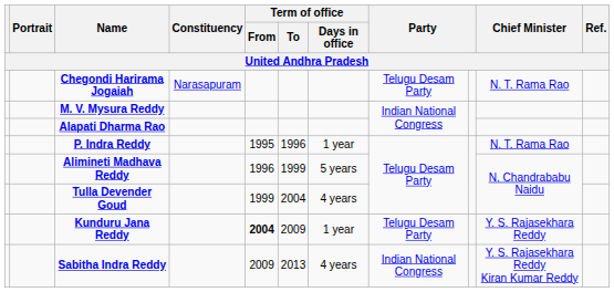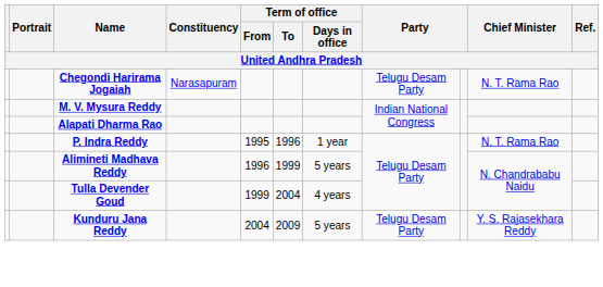 <table class="wikitable sortable" style="text-align:center" |>
 <tr>
 <th rowspan="2" scope="col"></th>
 <th rowspan="2">Portrait</th>
 <th rowspan="2">Name</th>
 <th rowspan="2">Constituency</th>
 <th colspan="3">Term of office</th>
 <th colspan="2" rowspan="2">Party</th>
 <th rowspan="2">Chief Minister</th>
 <th rowspan="2">Ref.</th>
 </tr>
 <tr>
 <th>From</th>
 <th>To</th>
 <th>Days in office</th>
 </tr>
 <tr>
 <th colspan=11><a href='#'>United Andhra Pradesh</a></th>
 </tr>
 <tr>
 <td></td>
 <td></td>
 <td><strong><a href='#'>Chegondi Harirama Jogaiah</a></strong></td>
 <td><a href='#'>Narasapuram</a></td>
 <td></td>
 <td></td>
 <td></td>
 <td><a href='#'>Telugu Desam Party</a></td>
 <td></td>
 <td><a href='#'>N. T. Rama Rao</a></td>
 <td></td>
 </tr>
 <tr>
 <td></td>
 <td></td>
 <td><strong><a href='#'>M. V. Mysura Reddy</a></strong></td>
 <td></td>
 <td></td>
 <td></td>
 <td></td>
 <td rowspan=2><a href='#'>Indian National Congress</a></td>
 <td rowspan=2 width="4px"></td>
 <td></td>
 <td></td>
 </tr>
 <tr>
 <td></td>
 <td></td>
 <td><strong><a href='#'>Alapati Dharma Rao</a></strong></td>
 <td></td>
 <td></td>
 <td></td>
 <td></td>
 <td></td>
 <td></td>
 </tr>
 <tr>
 <td></td>
 <td></td>
 <td><strong><a href='#'>P. Indra Reddy</a></strong></td>
 <td></td>
 <td>1995</td>
 <td>1996</td>
 <td>1 year</td>
 <td rowspan=3><a href='#'>Telugu Desam Party</a></td>
 <td rowspan="3" width="4px"></td>
 <td><a href='#'>N. T. Rama Rao</a></td>
 <td></td>
 </tr>
 <tr>
 <td></td>
 <td></td>
 <td><strong><a href='#'>Alimineti Madhava Reddy</a></strong></td>
 <td></td>
 <td>1996</td>
 <td>1999</td>
 <td>5 years</td>
 <td rowspan=2><a href='#'>N. Chandrababu Naidu</a></td>
 <td></td>
 </tr>
 <tr>
 <td></td>
 <td></td>
 <td><strong><a href='#'>Tulla Devender Goud</a></strong></td>
 <td></td>
 <td>1999</td>
 <td>2004</td>
 <td>4 years</td>
 <td></td>
 </tr>
 <tr>
 <td></td>
 <td></td>
 <td><strong><a href='#'>Kunduru Jana Reddy</a></strong></td>
 <td></td>
-<td><strong>2004</strong></td>
+<td>2004</td>
 <td>2009</td>
-<td>1 year</td>
+<td>5 years</td>
 <td><a href='#'>Telugu Desam Party</a></td>
 <td width="4px"></td>
 <td><a href='#'>Y. S. Rajasekhara Reddy</a></td>
 <td></td>
 </tr>
-<tr>
-<td></td>
-<td></td>
-<td><strong><a href='#'>Sabitha Indra Reddy</a></strong></td>
-<td></td>
-<td>2009</td>
-<td>2013</td>
-<td>4 years</td>
-<td><a href='#'>Indian National Congress</a></td>
-<td width="4px"></td>
-<td><a href='#'>Y. S. Rajasekhara Reddy</a><br><a href='#'>Kiran Kumar Reddy</a></td>
-<td></td>
-</tr>
 </table>
